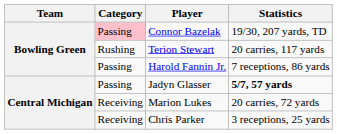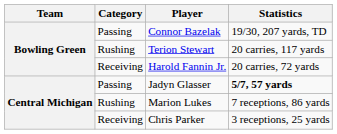 <table class="wikitable" style="float:right">
 <tr>
 <th>Team</th>
 <th>Category</th>
 <th>Player</th>
 <th>Statistics</th>
 </tr>
 <tr>
 <th rowspan=3>Bowling Green</th>
-<td style="background: pink;">Passing</td>
+<td>Passing</td>
 <td><a href='#'>Connor Bazelak</a></td>
 <td>19/30, 207 yards, TD</td>
 </tr>
 <tr>
 <td>Rushing</td>
 <td><a href='#'>Terion Stewart</a></td>
 <td>20 carries, 117 yards</td>
 </tr>
 <tr>
-<td>Passing</td>
+<td>Receiving</td>
 <td><a href='#'>Harold Fannin Jr.</a></td>
-<td>7 receptions, 86 yards</td>
+<td>20 carries, 72 yards</td>
 </tr>
 <tr>
 <th rowspan=3>Central Michigan</th>
 <td>Passing</td>
 <td>Jadyn Glasser</td>
 <td><strong>5/7, 57 yards</strong></td>
 </tr>
 <tr>
-<td>Receiving</td>
+<td>Rushing</td>
 <td>Marion Lukes</td>
-<td>20 carries, 72 yards</td>
+<td>7 receptions, 86 yards</td>
 </tr>
 <tr>
 <td>Receiving</td>
 <td>Chris Parker</td>
 <td>3 receptions, 25 yards</td>
 </tr>
 </table>
